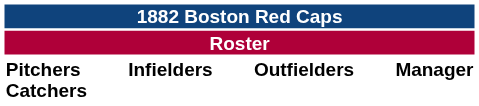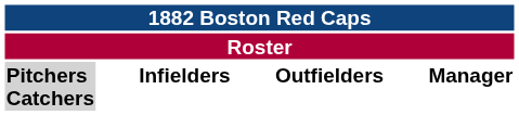 <table class="toccolours" style="font-size: 95%;">
 <tr>
 <th colspan="10" style="background-color: #0f437c; color: white; text-align: center;">1882 Boston Red Caps</th>
 </tr>
 <tr>
 <td colspan="10" style="background-color: #af0039; color: white; text-align: center;"><strong>Roster</strong></td>
 </tr>
 <tr>
-<td valign="top"><strong>Pitchers</strong><br>  <strong>Catchers</strong> </td>
+<td valign="top" style="background: lightgrey;"><strong>Pitchers</strong><br>  <strong>Catchers</strong> </td>
 <td width="25px"></td>
 <td valign="top"><strong>Infielders</strong><br>   </td>
 <td width="25px"></td>
 <td valign="top"><strong>Outfielders</strong><br>    </td>
 <td width="25px"></td>
 <td valign="top"><strong>Manager</strong><br></td>
 </tr>
 </table>
